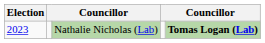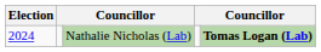 <table class="wikitable">
 <tr>
 <th>Election</th>
 <th colspan="2">Councillor</th>
 <th colspan="2">Councillor</th>
 </tr>
 <tr>
-<td><a href='#'>2023</a></td>
+<td><a href='#'>2024</a></td>
 <td style="background-color: "></td>
 <td bgcolor="#B6D7A8">Nathalie Nicholas (<a href='#'>Lab</a>)</td>
 <td style="background-color: "></td>
 <td bgcolor="#B6D7A8"><strong>Tomas Logan (<a href='#'>Lab</a>)</strong></td>
 </tr>
 </table>
